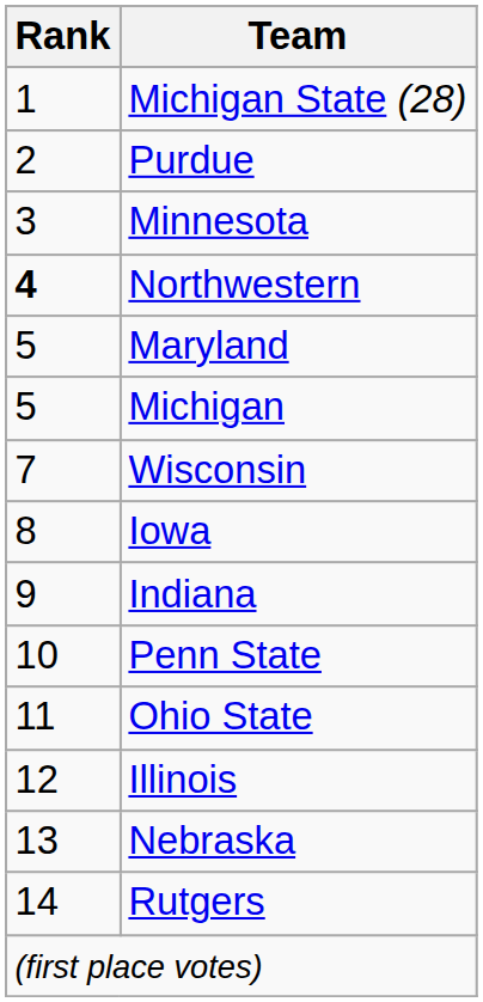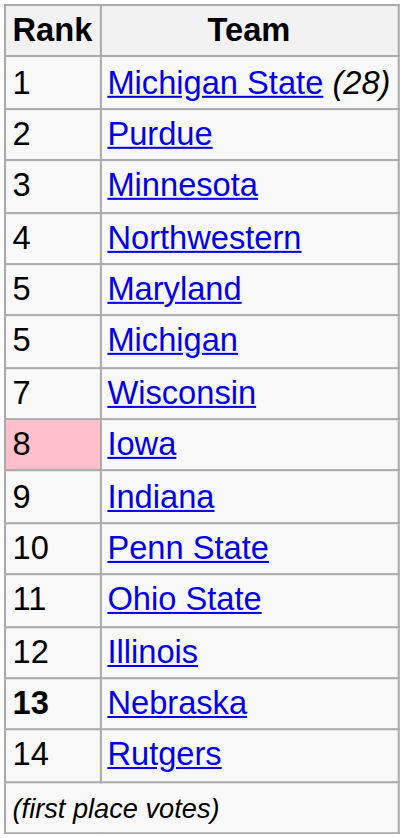 <table class="wikitable">
 <tr>
 <th>Rank</th>
 <th>Team</th>
 </tr>
 <tr>
 <td>1</td>
 <td><a href='#'>Michigan State</a> <em>(28)</em></td>
 </tr>
 <tr>
 <td>2</td>
 <td><a href='#'>Purdue</a></td>
 </tr>
 <tr>
 <td>3</td>
 <td><a href='#'>Minnesota</a></td>
 </tr>
 <tr>
-<td><strong>4</strong></td>
+<td>4</td>
 <td><a href='#'>Northwestern</a></td>
 </tr>
 <tr>
 <td>5</td>
 <td><a href='#'>Maryland</a></td>
 </tr>
 <tr>
 <td>5</td>
 <td><a href='#'>Michigan</a></td>
 </tr>
 <tr>
 <td>7</td>
 <td><a href='#'>Wisconsin</a></td>
 </tr>
 <tr>
-<td>8</td>
+<td style="background: pink;">8</td>
 <td><a href='#'>Iowa</a></td>
 </tr>
 <tr>
 <td>9</td>
 <td><a href='#'>Indiana</a></td>
 </tr>
 <tr>
 <td>10</td>
 <td><a href='#'>Penn State</a></td>
 </tr>
 <tr>
 <td>11</td>
 <td><a href='#'>Ohio State</a></td>
 </tr>
 <tr>
 <td>12</td>
 <td><a href='#'>Illinois</a></td>
 </tr>
 <tr>
-<td>13</td>
+<td><strong>13</strong></td>
 <td><a href='#'>Nebraska</a></td>
 </tr>
 <tr>
 <td>14</td>
 <td><a href='#'>Rutgers</a></td>
 </tr>
 <tr>
 <td colspan="3" valign="middle"><small><em>(first place votes)</em></small></td>
 </tr>
 </table>
